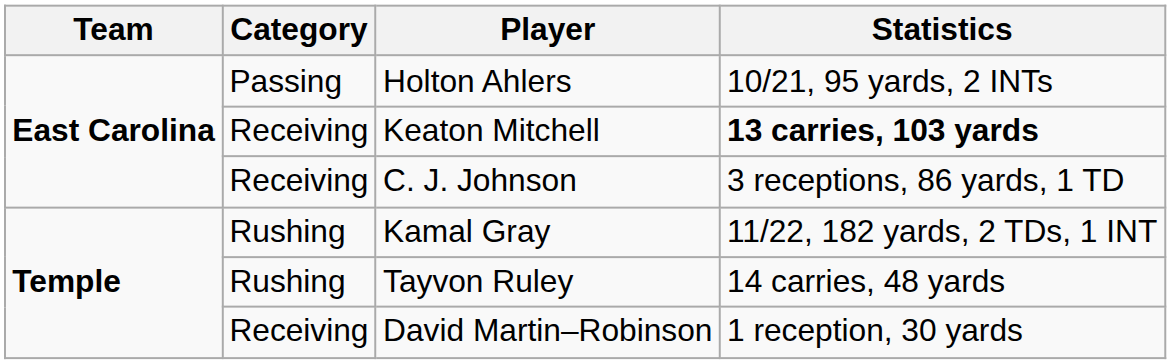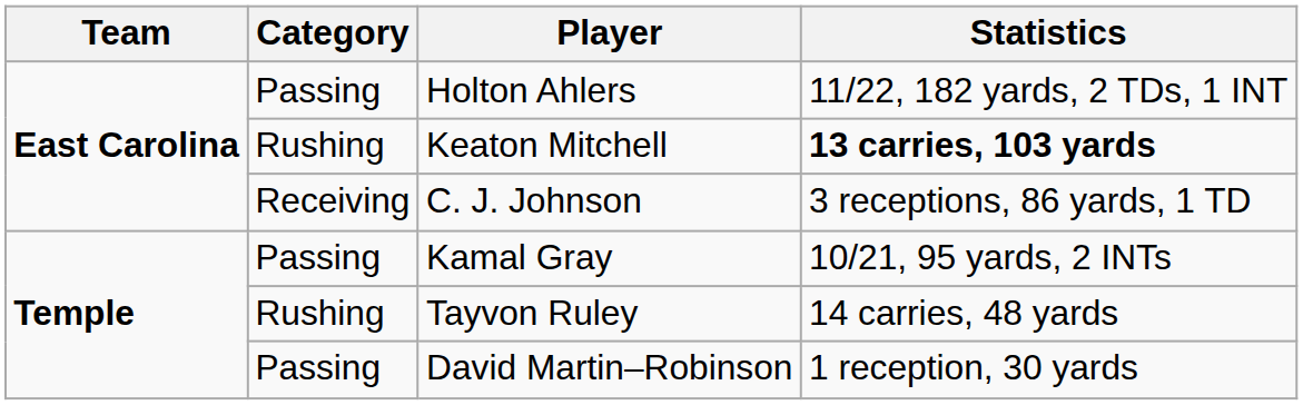 <table class="wikitable" style="float: left;">
 <tr>
 <th>Team</th>
 <th>Category</th>
 <th>Player</th>
 <th>Statistics</th>
 </tr>
 <tr>
 <td rowspan=3><strong>East Carolina</strong></td>
 <td>Passing</td>
 <td>Holton Ahlers</td>
-<td>10/21, 95 yards, 2 INTs</td>
+<td>11/22, 182 yards, 2 TDs, 1 INT</td>
 </tr>
 <tr>
-<td>Receiving</td>
+<td>Rushing</td>
 <td>Keaton Mitchell</td>
 <td><strong>13 carries, 103 yards</strong></td>
 </tr>
 <tr>
 <td>Receiving</td>
 <td>C. J. Johnson</td>
 <td>3 receptions, 86 yards, 1 TD</td>
 </tr>
 <tr>
 <td rowspan=3><strong>Temple</strong></td>
-<td>Rushing</td>
+<td>Passing</td>
 <td>Kamal Gray</td>
-<td>11/22, 182 yards, 2 TDs, 1 INT</td>
+<td>10/21, 95 yards, 2 INTs</td>
 </tr>
 <tr>
 <td>Rushing</td>
 <td>Tayvon Ruley</td>
 <td>14 carries, 48 yards</td>
 </tr>
 <tr>
-<td>Receiving</td>
+<td>Passing</td>
 <td>David Martin–Robinson</td>
 <td>1 reception, 30 yards</td>
 </tr>
 </table>
